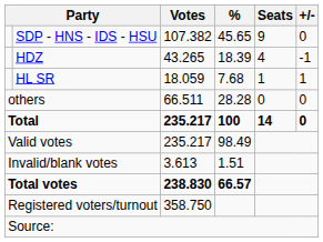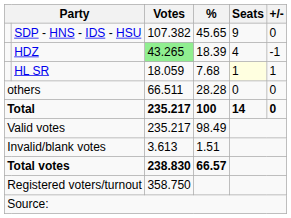 <table class="wikitable" style="text-align: left;">
 <tr>
 <th colspan="2">Party</th>
 <th>Votes</th>
 <th>%</th>
 <th>Seats</th>
 <th>+/-</th>
 </tr>
 <tr>
 <td width="2" style="background-color: "></td>
 <td><a href='#'>SDP</a> - <a href='#'>HNS</a> - <a href='#'>IDS</a> - <a href='#'>HSU</a></td>
 <td>107.382</td>
 <td>45.65</td>
 <td>9</td>
 <td>0</td>
 </tr>
 <tr>
 <td style="background-color: "></td>
 <td><a href='#'>HDZ</a></td>
-<td>43.265</td>
+<td style="background: lightgreen;">43.265</td>
 <td>18.39</td>
 <td>4</td>
 <td>-1</td>
 </tr>
 <tr>
 <td style="background-color: "></td>
 <td><a href='#'>HL SR</a></td>
 <td>18.059</td>
 <td>7.68</td>
-<td>1</td>
+<td style="background: lightyellow;">1</td>
 <td>1</td>
 </tr>
 <tr>
 <td colspan="2">others</td>
 <td>66.511</td>
 <td>28.28</td>
 <td>0</td>
 <td>0</td>
 </tr>
 <tr>
 <td colspan="2"><strong>Total</strong></td>
 <td><strong>235.217</strong></td>
 <td><strong>100</strong></td>
 <td><strong>14</strong></td>
 <td><strong>0</strong></td>
 </tr>
 <tr>
 <td colspan="2">Valid votes</td>
 <td>235.217</td>
 <td>98.49</td>
 <td colspan="2"></td>
 </tr>
 <tr>
 <td colspan="2">Invalid/blank votes</td>
 <td>3.613</td>
 <td>1.51</td>
 <td colspan="2"></td>
 </tr>
 <tr>
 <td colspan="2"><strong>Total votes</strong></td>
 <td><strong>238.830</strong></td>
 <td><strong>66.57</strong></td>
 <td colspan="2"></td>
 </tr>
 <tr>
 <td colspan="2">Registered voters/turnout</td>
 <td votes14="5343">358.750</td>
 <td></td>
 <td colspan="2"></td>
 </tr>
 <tr>
 <td colspan="6">Source: </td>
 </tr>
 </table>
